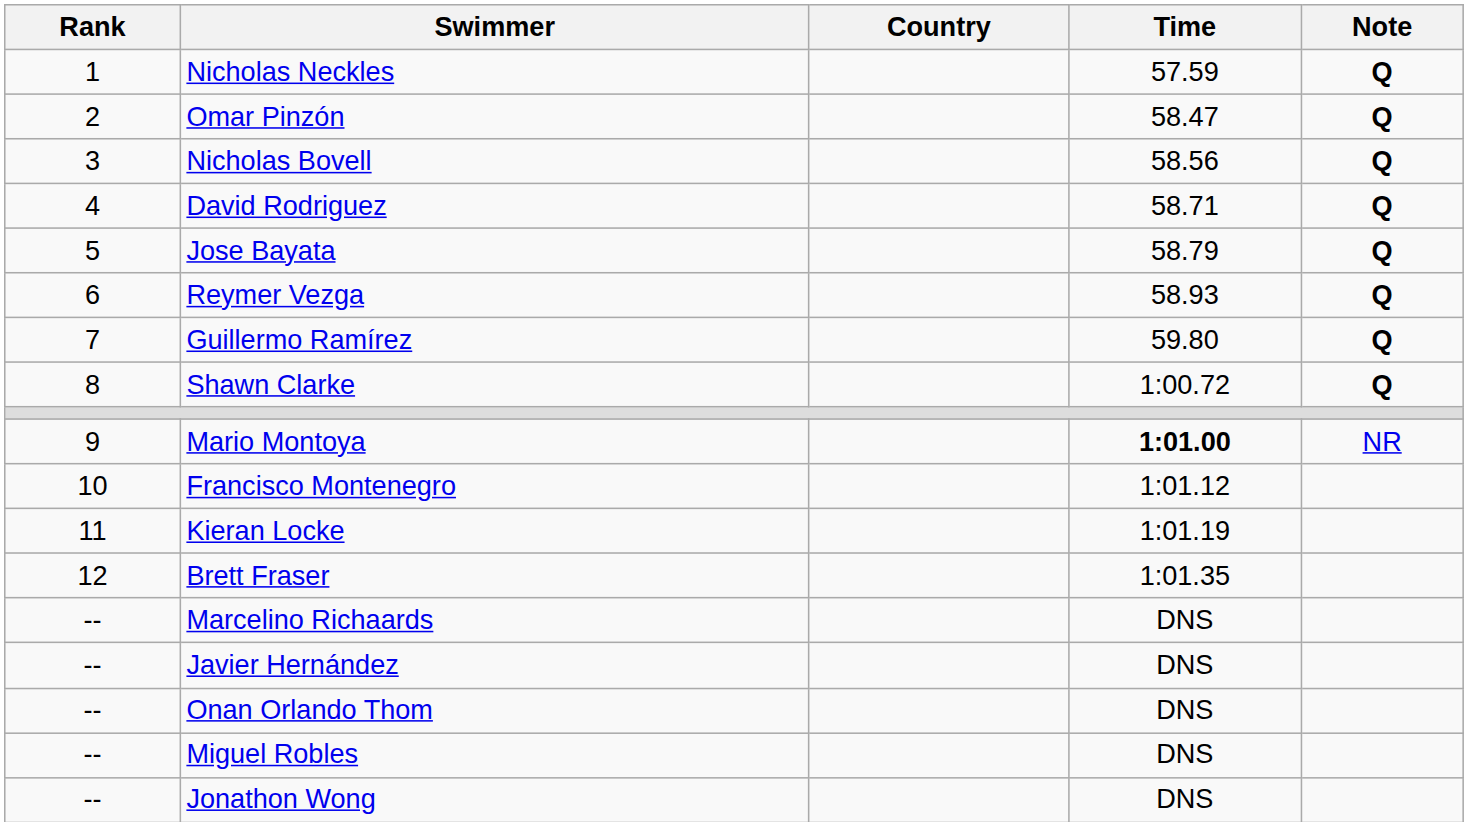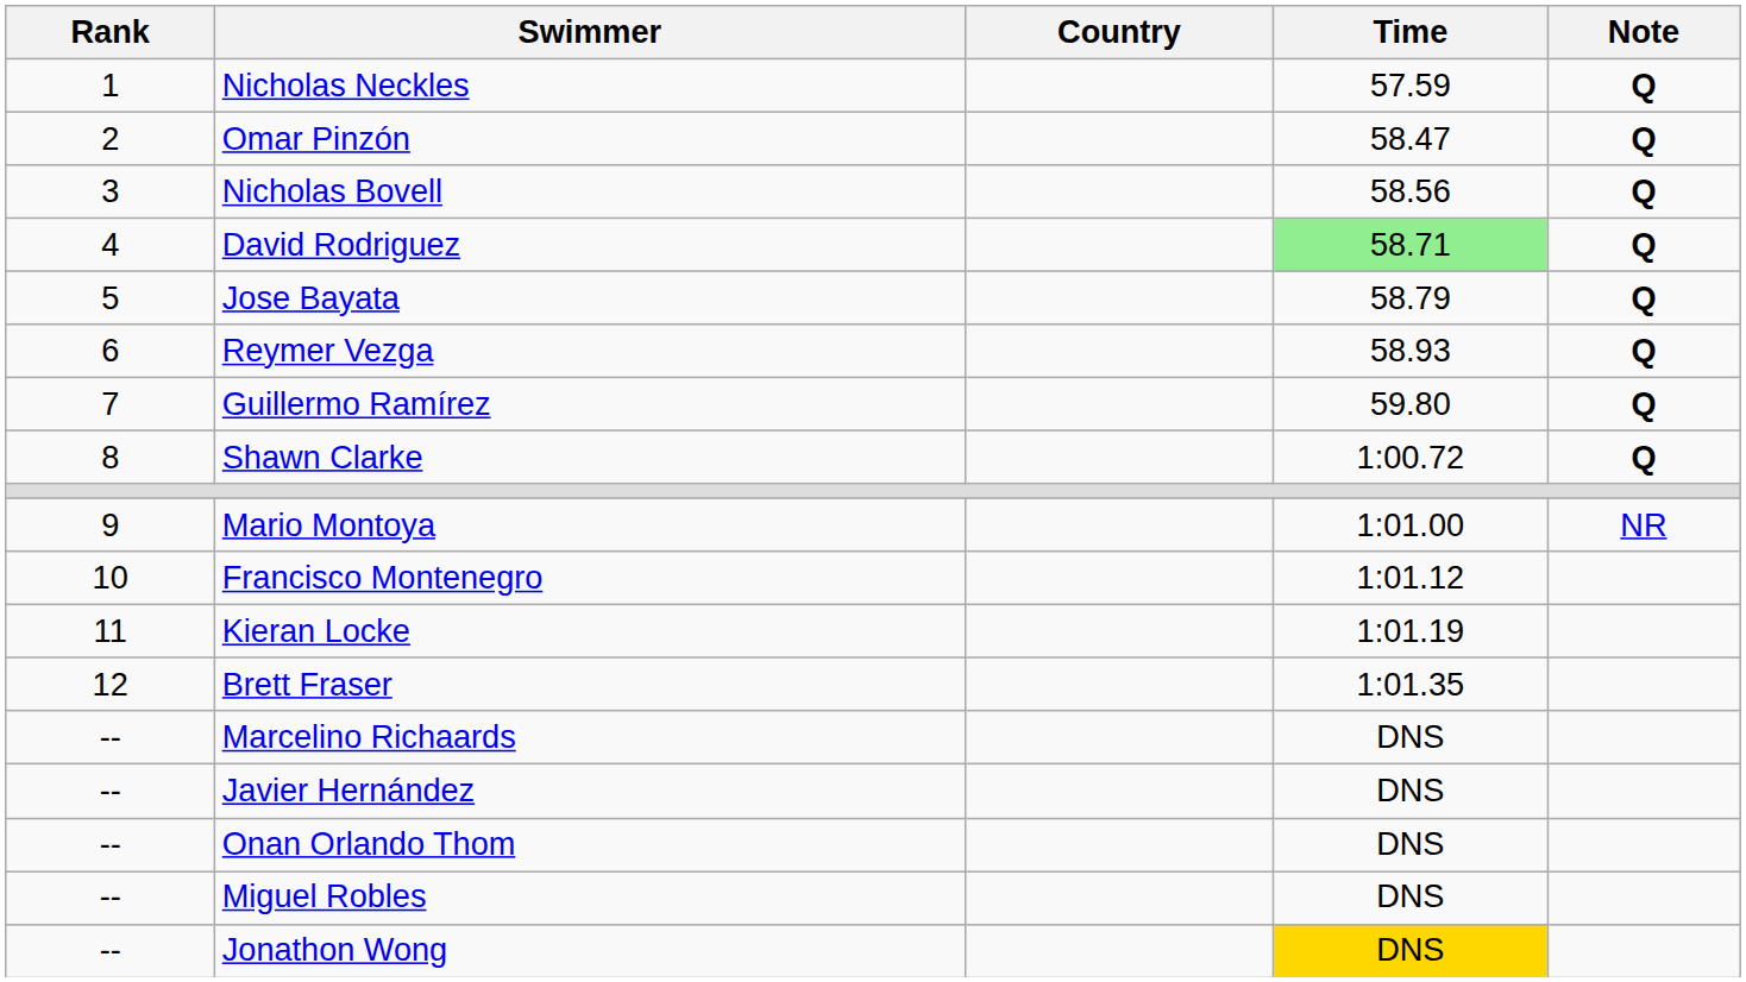 <table class="wikitable" style=" text-align:center; font-size:110%;" width="75%">
 <tr>
 <th>Rank</th>
 <th>Swimmer</th>
 <th>Country</th>
 <th>Time</th>
 <th>Note</th>
 </tr>
 <tr>
 <td>1</td>
 <td align=left><a href='#'>Nicholas Neckles</a></td>
 <td align=left></td>
 <td>57.59</td>
 <td><strong>Q</strong></td>
 </tr>
 <tr>
 <td>2</td>
 <td align=left><a href='#'>Omar Pinzón</a></td>
 <td align=left></td>
 <td>58.47</td>
 <td><strong>Q</strong></td>
 </tr>
 <tr>
 <td>3</td>
 <td align=left><a href='#'>Nicholas Bovell</a></td>
 <td align=left></td>
 <td>58.56</td>
 <td><strong>Q</strong></td>
 </tr>
 <tr>
 <td>4</td>
 <td align=left><a href='#'>David Rodriguez</a></td>
 <td align=left></td>
-<td>58.71</td>
+<td style="background: lightgreen;">58.71</td>
 <td><strong>Q</strong></td>
 </tr>
 <tr>
 <td>5</td>
 <td align=left><a href='#'>Jose Bayata</a></td>
 <td align=left></td>
 <td>58.79</td>
 <td><strong>Q</strong></td>
 </tr>
 <tr>
 <td>6</td>
 <td align=left><a href='#'>Reymer Vezga</a></td>
 <td align=left></td>
 <td>58.93</td>
 <td><strong>Q</strong></td>
 </tr>
 <tr>
 <td>7</td>
 <td align=left><a href='#'>Guillermo Ramírez</a></td>
 <td align=left></td>
 <td>59.80</td>
 <td><strong>Q</strong></td>
 </tr>
 <tr>
 <td>8</td>
 <td align=left><a href='#'>Shawn Clarke</a></td>
 <td align=left></td>
 <td>1:00.72</td>
 <td><strong>Q</strong></td>
 </tr>
 <tr bgcolor=#DDDDDD>
 <td colspan=5></td>
 </tr>
 <tr>
 <td>9</td>
 <td align=left><a href='#'>Mario Montoya</a></td>
 <td align=left></td>
-<td><strong>1:01.00</strong></td>
+<td>1:01.00</td>
 <td><a href='#'>NR</a></td>
 </tr>
 <tr>
 <td>10</td>
 <td align=left><a href='#'>Francisco Montenegro</a></td>
 <td align=left></td>
 <td>1:01.12</td>
 <td></td>
 </tr>
 <tr>
 <td>11</td>
 <td align=left><a href='#'>Kieran Locke</a></td>
 <td align=left></td>
 <td>1:01.19</td>
 <td></td>
 </tr>
 <tr>
 <td>12</td>
 <td align=left><a href='#'>Brett Fraser</a></td>
 <td align=left></td>
 <td>1:01.35</td>
 <td></td>
 </tr>
 <tr>
 <td>--</td>
 <td align=left><a href='#'>Marcelino Richaards</a></td>
 <td align=left></td>
 <td>DNS</td>
 <td></td>
 </tr>
 <tr>
 <td>--</td>
 <td align=left><a href='#'>Javier Hernández</a></td>
 <td align=left></td>
 <td>DNS</td>
 <td></td>
 </tr>
 <tr>
 <td>--</td>
 <td align=left><a href='#'>Onan Orlando Thom</a></td>
 <td align=left></td>
 <td>DNS</td>
 <td></td>
 </tr>
 <tr>
 <td>--</td>
 <td align=left><a href='#'>Miguel Robles</a></td>
 <td align=left></td>
 <td>DNS</td>
 <td></td>
 </tr>
 <tr>
 <td>--</td>
 <td align=left><a href='#'>Jonathon Wong</a></td>
 <td align=left></td>
-<td>DNS</td>
+<td style="background: gold;">DNS</td>
 <td></td>
 </tr>
 </table>
